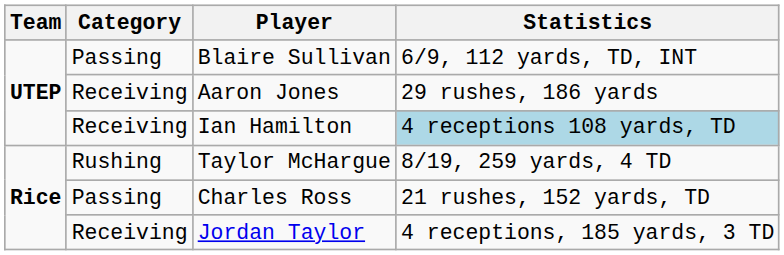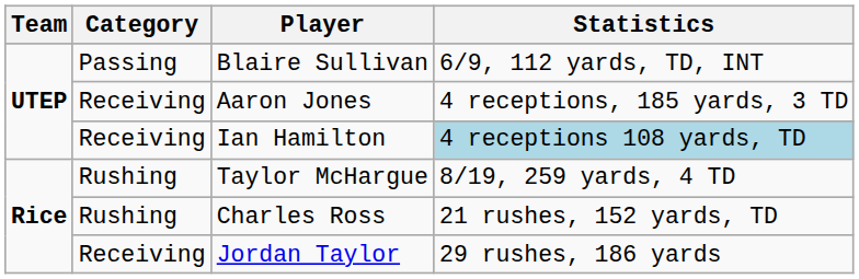 <table class="wikitable" style="float: left;">
 <tr>
 <th>Team</th>
 <th>Category</th>
 <th>Player</th>
 <th>Statistics</th>
 </tr>
 <tr>
 <td rowspan=3><strong>UTEP</strong></td>
 <td>Passing</td>
 <td>Blaire Sullivan</td>
 <td>6/9, 112 yards, TD, INT</td>
 </tr>
 <tr>
 <td>Receiving</td>
 <td>Aaron Jones</td>
-<td>29 rushes, 186 yards</td>
+<td>4 receptions, 185 yards, 3 TD</td>
 </tr>
 <tr>
 <td>Receiving</td>
 <td>Ian Hamilton</td>
 <td style="background: lightblue;">4 receptions 108 yards, TD</td>
 </tr>
 <tr>
 <td rowspan=3><strong>Rice</strong></td>
 <td>Rushing</td>
 <td>Taylor McHargue</td>
 <td>8/19, 259 yards, 4 TD</td>
 </tr>
 <tr>
-<td>Passing</td>
+<td>Rushing</td>
 <td>Charles Ross</td>
 <td>21 rushes, 152 yards, TD</td>
 </tr>
 <tr>
 <td>Receiving</td>
 <td><a href='#'>Jordan Taylor</a></td>
-<td>4 receptions, 185 yards, 3 TD</td>
+<td>29 rushes, 186 yards</td>
 </tr>
 </table>
